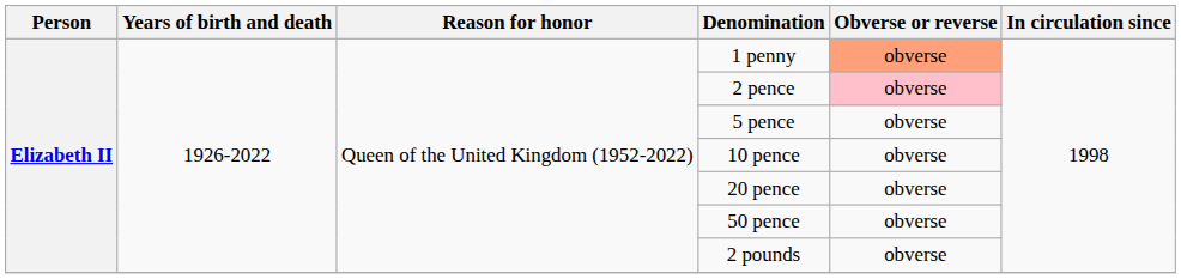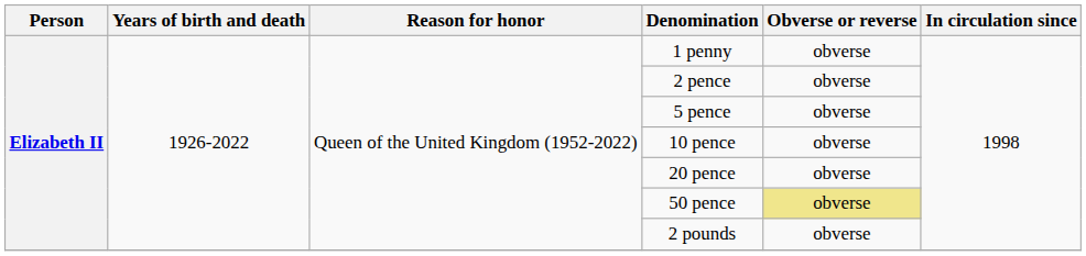 <table class="wikitable" style="font-size:95%; text-align:center;">
 <tr>
 <th>Person</th>
 <th>Years of birth and death</th>
 <th>Reason for honor</th>
 <th>Denomination</th>
 <th>Obverse or reverse</th>
 <th>In circulation since</th>
 </tr>
 <tr>
 <th rowspan="7"><a href='#'>Elizabeth II</a></th>
 <td rowspan="7">1926-2022</td>
 <td rowspan="7">Queen of the United Kingdom (1952-2022)</td>
 <td>1 penny</td>
-<td style="background: lightsalmon;">obverse</td>
+<td>obverse</td>
 <td rowspan="7">1998</td>
 </tr>
 <tr>
 <td>2 pence</td>
-<td style="background: pink;">obverse</td>
+<td>obverse</td>
 </tr>
 <tr>
 <td>5 pence</td>
 <td>obverse</td>
 </tr>
 <tr>
 <td>10 pence</td>
 <td>obverse</td>
 </tr>
 <tr>
 <td>20 pence</td>
 <td>obverse</td>
 </tr>
 <tr>
 <td>50 pence</td>
-<td>obverse</td>
+<td style="background: khaki;">obverse</td>
 </tr>
 <tr>
 <td>2 pounds</td>
 <td>obverse</td>
 </tr>
 <tr>
 </tr>
 </table>
